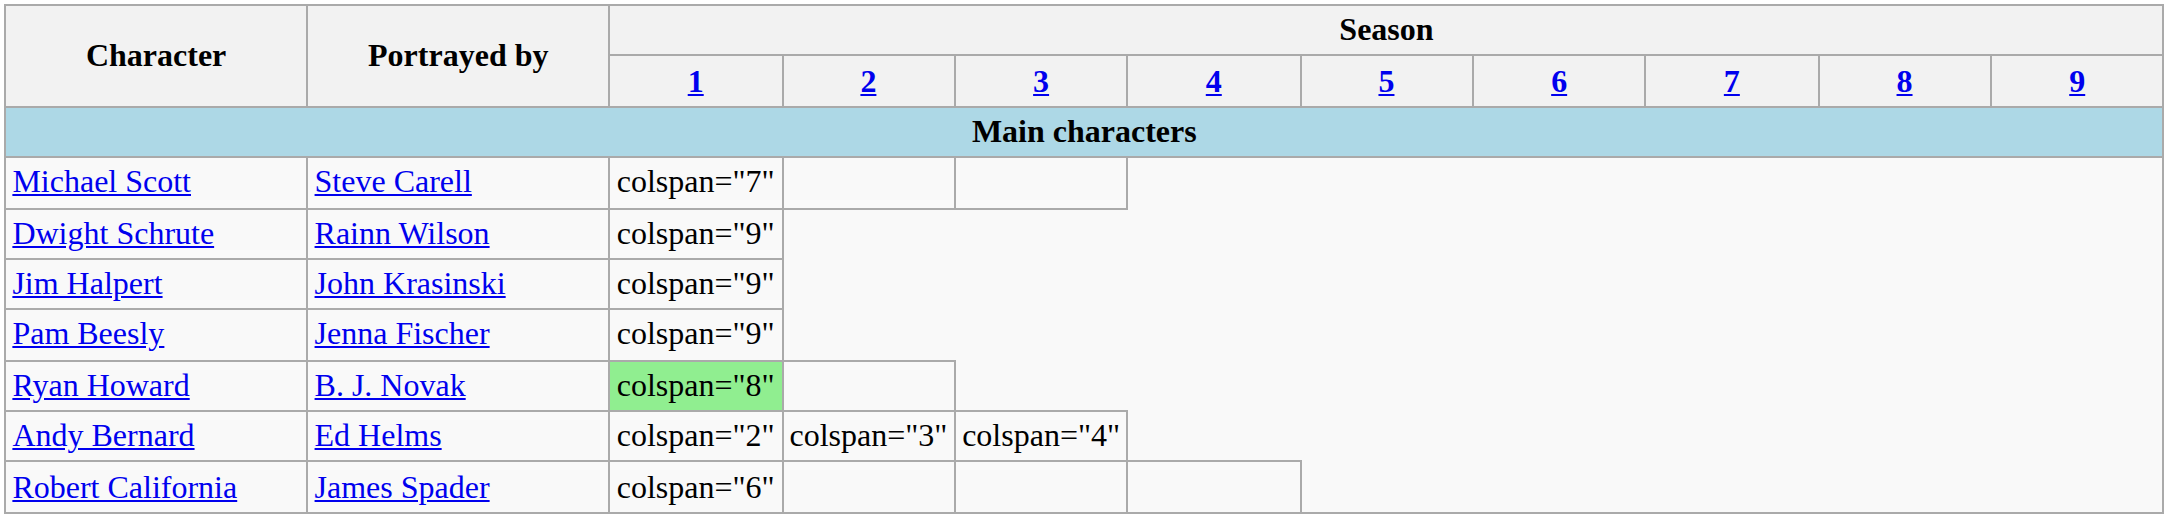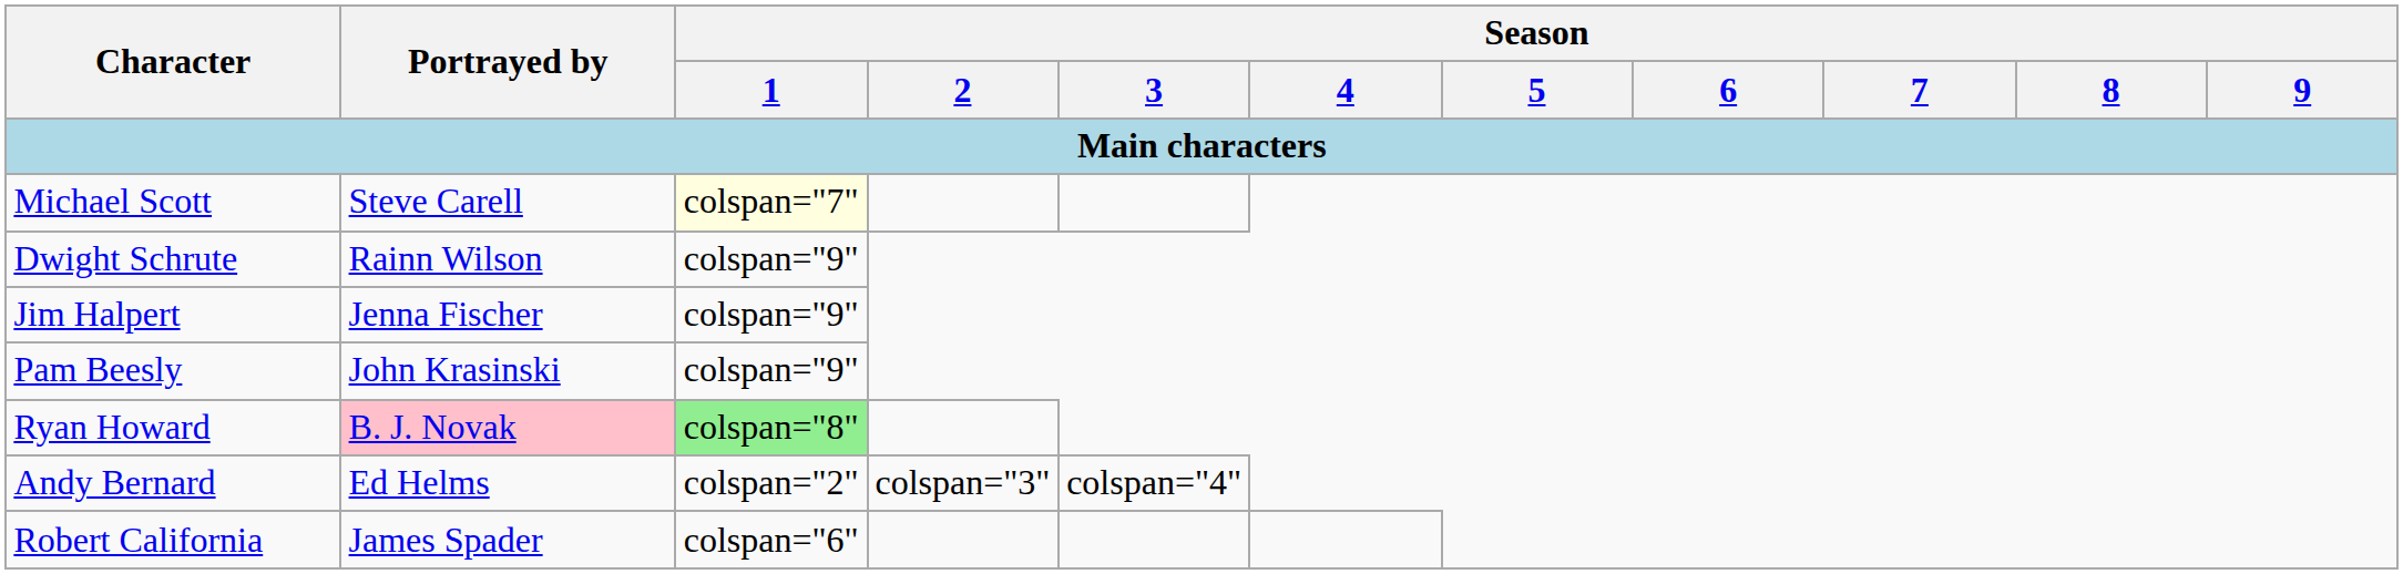 <table class="wikitable">
 <tr>
 <th rowspan="2" style="width:14%;">Character</th>
 <th rowspan="2" style="width:14%;">Portrayed by</th>
 <th colspan="9">Season</th>
 </tr>
 <tr>
 <th style="width:8%;"><a href='#'>1</a></th>
 <th style="width:8%;"><a href='#'>2</a></th>
 <th style="width:8%;"><a href='#'>3</a></th>
 <th style="width:8%;"><a href='#'>4</a></th>
 <th style="width:8%;"><a href='#'>5</a></th>
 <th style="width:8%;"><a href='#'>6</a></th>
 <th style="width:8%;"><a href='#'>7</a></th>
 <th style="width:8%;"><a href='#'>8</a></th>
 <th style="width:8%;"><a href='#'>9</a></th>
 </tr>
 <tr>
 <th colspan="11" style="background:lightblue;">Main characters</th>
 </tr>
 <tr>
 <td><a href='#'>Michael Scott</a></td>
 <td><a href='#'>Steve Carell</a></td>
-<td>colspan="7" </td>
+<td style="background: lightyellow;">colspan="7" </td>
 <td></td>
 <td></td>
 </tr>
 <tr>
 <td><a href='#'>Dwight Schrute</a></td>
 <td><a href='#'>Rainn Wilson</a></td>
 <td>colspan="9" </td>
 </tr>
 <tr>
 <td><a href='#'>Jim Halpert</a></td>
+<td><a href='#'>Jenna Fischer</a></td>
+<td>colspan="9" </td>
+</tr>
+<tr>
+<td><a href='#'>Pam Beesly</a></td>
 <td><a href='#'>John Krasinski</a></td>
 <td>colspan="9" </td>
 </tr>
 <tr>
-<td><a href='#'>Pam Beesly</a></td>
-<td><a href='#'>Jenna Fischer</a></td>
-<td>colspan="9" </td>
-</tr>
-<tr>
 <td><a href='#'>Ryan Howard</a></td>
-<td><a href='#'>B. J. Novak</a></td>
+<td style="background: pink;"><a href='#'>B. J. Novak</a></td>
 <td style="background: lightgreen;">colspan="8" </td>
 <td></td>
 </tr>
 <tr>
 <td><a href='#'>Andy Bernard</a></td>
 <td><a href='#'>Ed Helms</a></td>
 <td>colspan="2" </td>
 <td>colspan="3" </td>
 <td>colspan="4" </td>
 </tr>
 <tr>
 <td><a href='#'>Robert California</a></td>
 <td><a href='#'>James Spader</a></td>
 <td>colspan="6" </td>
 <td></td>
 <td></td>
 <td></td>
 </tr>
 </table>
